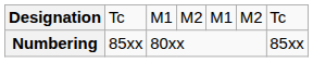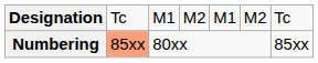 <table class="wikitable">
 <tr>
 <th>Designation</th>
 <td>Tc</td>
 <td>M1</td>
 <td>M2</td>
 <td>M1</td>
 <td>M2</td>
 <td>Tc</td>
 </tr>
 <tr>
 <th>Numbering</th>
-<td>85xx</td>
+<td style="background: lightsalmon;">85xx</td>
 <td colspan="4">80xx</td>
 <td>85xx</td>
 </tr>
 </table>
